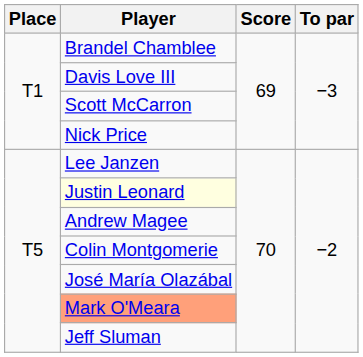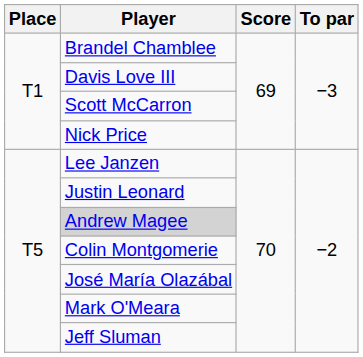 <table class="wikitable">
 <tr>
 <th>Place</th>
 <th>Player</th>
 <th>Score</th>
 <th>To par</th>
 </tr>
 <tr>
 <td rowspan="4" align=center>T1</td>
 <td> <a href='#'>Brandel Chamblee</a></td>
 <td rowspan="4" align=center>69</td>
 <td rowspan="4" align=center>−3</td>
 </tr>
 <tr>
 <td> <a href='#'>Davis Love III</a></td>
 </tr>
 <tr>
 <td> <a href='#'>Scott McCarron</a></td>
 </tr>
 <tr>
 <td> <a href='#'>Nick Price</a></td>
 </tr>
 <tr>
 <td rowspan="7" align=center>T5</td>
 <td> <a href='#'>Lee Janzen</a></td>
 <td rowspan="7" align=center>70</td>
 <td rowspan="7" align=center>−2</td>
 </tr>
 <tr>
-<td style="background: lightyellow;"> <a href='#'>Justin Leonard</a></td>
+<td> <a href='#'>Justin Leonard</a></td>
 </tr>
 <tr>
-<td> <a href='#'>Andrew Magee</a></td>
+<td style="background: lightgrey;"> <a href='#'>Andrew Magee</a></td>
 </tr>
 <tr>
 <td> <a href='#'>Colin Montgomerie</a></td>
 </tr>
 <tr>
 <td> <a href='#'>José María Olazábal</a></td>
 </tr>
 <tr>
-<td style="background: lightsalmon;"> <a href='#'>Mark O'Meara</a></td>
+<td> <a href='#'>Mark O'Meara</a></td>
 </tr>
 <tr>
 <td> <a href='#'>Jeff Sluman</a></td>
 </tr>
 </table>
